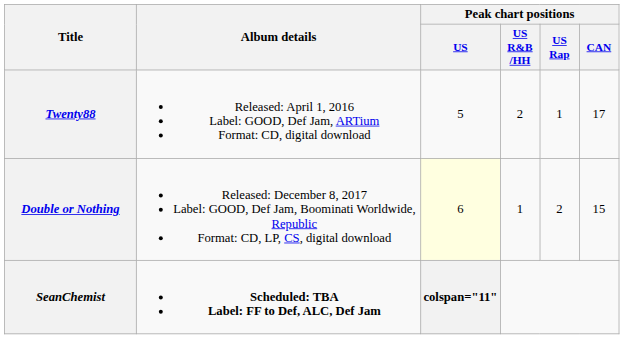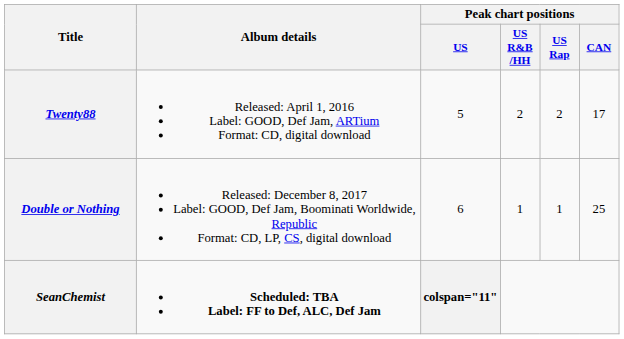 <table class="wikitable plainrowheaders" style="text-align:center;">
 <tr>
 <th scope="col" rowspan="2" style="width:10em;">Title</th>
 <th scope="col" rowspan="2" style="width:22em;">Album details</th>
 <th scope="col" colspan="4">Peak chart positions</th>
 </tr>
 <tr>
 <th scope="col" style="width:3em;font-size:90%;"><a href='#'>US</a><br></th>
 <th scope="col" style="width:3em;font-size:90%;"><a href='#'>US<br>R&B<br>/HH</a><br></th>
 <th scope="col" style="width:3em;font-size:90%;"><a href='#'>US<br>Rap</a><br></th>
 <th scope="col" style="width:3em;font-size:90%;"><a href='#'>CAN</a><br></th>
 </tr>
 <tr>
 <th scope="row"><em><a href='#'>Twenty88</a></em><br></th>
 <td><br><ul><li>Released: April 1, 2016</li><li>Label: GOOD, Def Jam, <a href='#'>ARTium</a></li><li>Format: CD, digital download</li></ul></td>
 <td>5</td>
 <td>2</td>
-<td>1</td>
+<td>2</td>
 <td>17</td>
 </tr>
 <tr>
 <th scope="row"><em><a href='#'>Double or Nothing</a></em><br></th>
 <td><br><ul><li>Released: December 8, 2017</li><li>Label: GOOD, Def Jam, Boominati Worldwide, <a href='#'>Republic</a></li><li>Format: CD, LP, <a href='#'>CS</a>, digital download</li></ul></td>
-<td style="background: lightyellow;">6<br></td>
+<td>6<br></td>
 <td>1<br></td>
-<td>2<br></td>
-<td>15</td>
+<td>1<br></td>
+<td>25</td>
 </tr>
 <tr>
 <th scope="row"><em>SeanChemist</em><br></th>
 <td><strong><br><ul><li>Scheduled: TBA</li><li>Label: FF to Def, ALC, Def Jam</li></ul></strong></td>
 <th>colspan="11" </th>
 </tr>
 </table>
